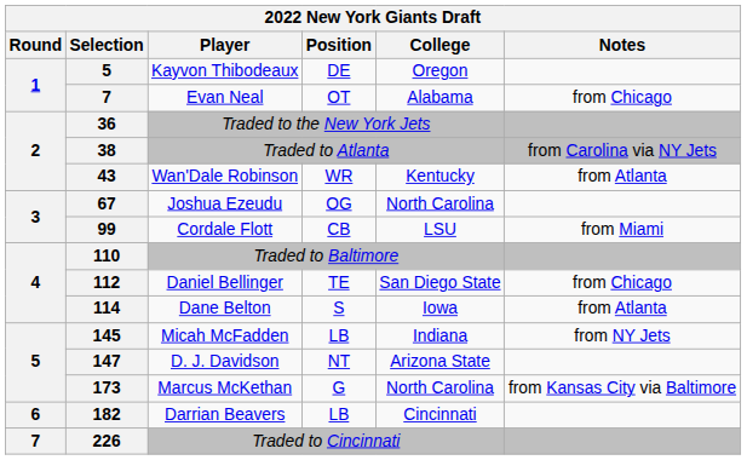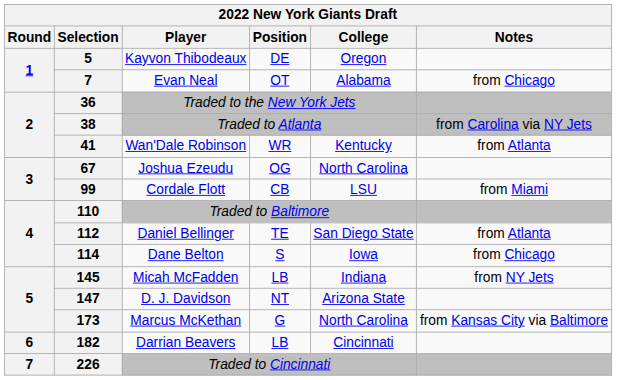 <table class="wikitable" style="text-align:center">
 <tr>
 <th colspan=6>2022 New York Giants Draft</th>
 </tr>
 <tr>
 <th>Round</th>
 <th>Selection</th>
 <th>Player</th>
 <th>Position</th>
 <th>College</th>
 <th>Notes</th>
 </tr>
 <tr>
 <th rowspan="2"><a href='#'>1</a></th>
 <th>5</th>
 <td><a href='#'>Kayvon Thibodeaux</a></td>
 <td><a href='#'>DE</a></td>
 <td><a href='#'>Oregon</a></td>
 <td></td>
 </tr>
 <tr>
 <th>7</th>
 <td><a href='#'>Evan Neal</a></td>
 <td><a href='#'>OT</a></td>
 <td><a href='#'>Alabama</a></td>
 <td>from <a href='#'>Chicago</a></td>
 </tr>
 <tr>
 <th rowspan="3">2</th>
 <th>36</th>
 <td colspan="3" style="background:#BFBFBF"><em>Traded to the <a href='#'>New York Jets</a></em></td>
 <td style="background:#BFBFBF"></td>
 </tr>
 <tr>
 <th>38</th>
 <td colspan="3" style="background:#BFBFBF"><em>Traded to <a href='#'>Atlanta</a></em></td>
 <td style="background:#BFBFBF">from <a href='#'>Carolina</a> via <a href='#'>NY Jets</a></td>
 </tr>
 <tr>
-<th>43</th>
+<th>41</th>
 <td><a href='#'>Wan'Dale Robinson</a></td>
 <td><a href='#'>WR</a></td>
 <td><a href='#'>Kentucky</a></td>
 <td>from <a href='#'>Atlanta</a></td>
 </tr>
 <tr>
 <th rowspan="2">3</th>
 <th>67</th>
 <td><a href='#'>Joshua Ezeudu</a></td>
 <td><a href='#'>OG</a></td>
 <td><a href='#'>North Carolina</a></td>
 <td></td>
 </tr>
 <tr>
 <th>99</th>
 <td><a href='#'>Cordale Flott</a></td>
 <td><a href='#'>CB</a></td>
 <td><a href='#'>LSU</a></td>
 <td>from <a href='#'>Miami</a></td>
 </tr>
 <tr>
 <th rowspan="3">4</th>
 <th>110</th>
 <td colspan="3" style="background:#BFBFBF"><em>Traded to <a href='#'>Baltimore</a></em></td>
 <td style="background:#BFBFBF"></td>
 </tr>
 <tr>
 <th>112</th>
 <td><a href='#'>Daniel Bellinger</a></td>
 <td><a href='#'>TE</a></td>
 <td><a href='#'>San Diego State</a></td>
-<td>from <a href='#'>Chicago</a></td>
+<td>from <a href='#'>Atlanta</a></td>
 </tr>
 <tr>
 <th>114</th>
 <td><a href='#'>Dane Belton</a></td>
 <td><a href='#'>S</a></td>
 <td><a href='#'>Iowa</a></td>
-<td>from <a href='#'>Atlanta</a></td>
+<td>from <a href='#'>Chicago</a></td>
 </tr>
 <tr>
 <th rowspan="3">5</th>
 <th>145</th>
 <td><a href='#'>Micah McFadden</a></td>
 <td><a href='#'>LB</a></td>
 <td><a href='#'>Indiana</a></td>
 <td>from <a href='#'>NY Jets</a></td>
 </tr>
 <tr>
 <th>147</th>
 <td><a href='#'>D. J. Davidson</a></td>
 <td><a href='#'>NT</a></td>
 <td><a href='#'>Arizona State</a></td>
 <td></td>
 </tr>
 <tr>
 <th>173</th>
 <td><a href='#'>Marcus McKethan</a></td>
 <td><a href='#'>G</a></td>
 <td><a href='#'>North Carolina</a></td>
 <td>from <a href='#'>Kansas City</a> via <a href='#'>Baltimore</a></td>
 </tr>
 <tr>
 <th>6</th>
 <th>182</th>
 <td><a href='#'>Darrian Beavers</a></td>
 <td><a href='#'>LB</a></td>
 <td><a href='#'>Cincinnati</a></td>
 <td></td>
 </tr>
 <tr>
 <th>7</th>
 <th>226</th>
 <td colspan="3" style="background:#BFBFBF"><em>Traded to <a href='#'>Cincinnati</a></em></td>
 <td style="background:#BFBFBF"></td>
 </tr>
 </table>
